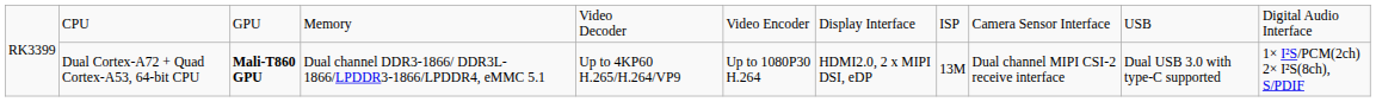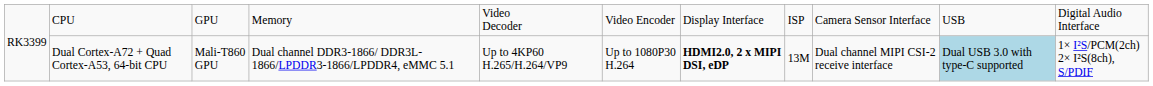 <table class="wikitable">
 <tr>
 <td rowspan="2">RK3399</td>
 <td>CPU</td>
 <td>GPU</td>
 <td>Memory</td>
 <td>Video<br>Decoder</td>
 <td>Video  Encoder</td>
 <td>Display  Interface</td>
 <td>ISP</td>
 <td>Camera Sensor  Interface</td>
 <td>USB</td>
 <td>Digital Audio  Interface</td>
 </tr>
 <tr>
 <td>Dual Cortex-A72 + Quad Cortex-A53, 64-bit CPU</td>
-<td><strong>Mali-T860  GPU</strong></td>
+<td>Mali-T860  GPU</td>
 <td>Dual  channel DDR3-1866/    DDR3L-1866/<a href='#'>LPDDR</a>3-1866/LPDDR4, eMMC 5.1</td>
 <td>Up  to 4KP60 H.265/H.264/VP9</td>
 <td>Up  to 1080P30 H.264</td>
-<td>HDMI2.0,  2 x MIPI DSI, eDP</td>
+<td><strong>HDMI2.0,  2 x MIPI DSI, eDP</strong></td>
 <td>13M</td>
 <td>Dual channel MIPI CSI-2 receive interface</td>
-<td>Dual  USB 3.0 with type-C supported</td>
+<td style="background: lightblue;">Dual  USB 3.0 with type-C supported</td>
 <td>1× <a href='#'>I²S</a>/PCM(2ch)<br>2× I²S(8ch), <a href='#'>S/PDIF</a></td>
 </tr>
 </table>
